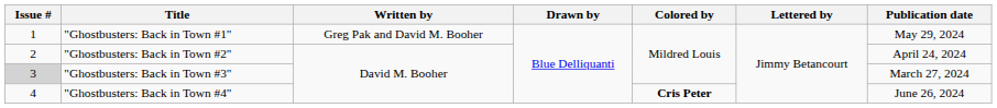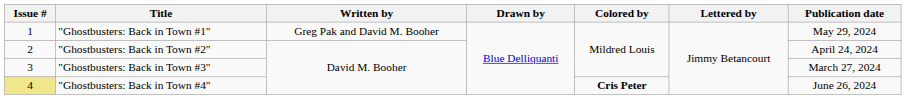 <table class="wikitable" style="text-align: center;" width="100%;">
 <tr>
 <th>Issue #</th>
 <th>Title</th>
 <th>Written by</th>
 <th>Drawn by</th>
 <th>Colored by</th>
 <th>Lettered by</th>
 <th>Publication date</th>
 </tr>
 <tr>
 <td>1</td>
 <td style="text-align: left;">"Ghostbusters: Back in Town #1"</td>
 <td>Greg Pak and David M. Booher</td>
 <td rowspan="4"><a href='#'>Blue Delliquanti</a></td>
 <td rowspan="3">Mildred Louis</td>
 <td rowspan="4">Jimmy Betancourt</td>
 <td>May 29, 2024</td>
 </tr>
 <tr>
 <td>2</td>
 <td style="text-align: left;">"Ghostbusters: Back in Town #2"</td>
 <td rowspan="3">David M. Booher</td>
 <td>April 24, 2024</td>
 </tr>
 <tr>
-<td style="background: lightgrey;">3</td>
+<td>3</td>
 <td style="text-align: left;">"Ghostbusters: Back in Town #3"</td>
 <td>March 27, 2024</td>
 </tr>
 <tr>
-<td>4</td>
+<td style="background: khaki;">4</td>
 <td style="text-align: left;">"Ghostbusters: Back in Town #4"</td>
 <td><strong>Cris Peter</strong></td>
 <td>June 26, 2024</td>
 </tr>
 </table>
